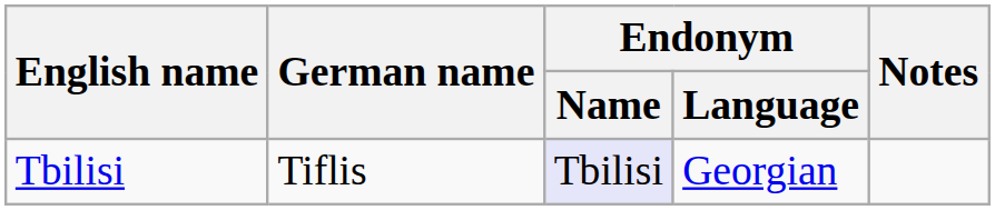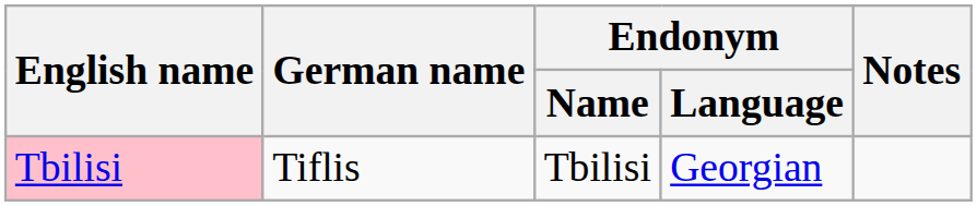 <table class="wikitable sortable mw-collapsible">
 <tr>
 <th rowspan="2">English name</th>
 <th rowspan="2">German name</th>
 <th colspan="2">Endonym</th>
 <th rowspan="2">Notes</th>
 </tr>
 <tr>
 <th>Name</th>
 <th>Language</th>
 </tr>
 <tr>
-<td><a href='#'>Tbilisi</a></td>
+<td style="background: pink;"><a href='#'>Tbilisi</a></td>
 <td>Tiflis</td>
-<td style="background: lavender;">Tbilisi</td>
+<td>Tbilisi</td>
 <td><a href='#'>Georgian</a></td>
 <td></td>
 </tr>
 </table>
